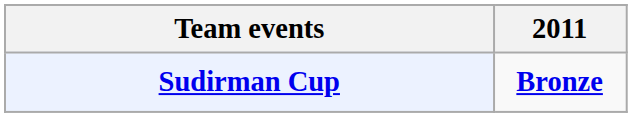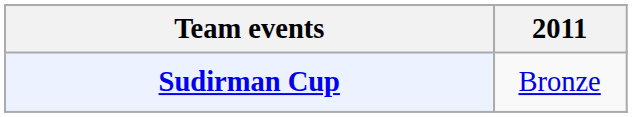 <table class="wikitable" style="font-size: 90%; text-align:center">
 <tr>
 <th>Team events</th>
 <th>2011</th>
 </tr>
 <tr style="height: 30px;">
 <td bgcolor=ECF2FF style="width: 240px;align=left"><strong><a href='#'>Sudirman Cup</a></strong></td>
-<td style="width: 60px"><strong> <a href='#'>Bronze</a></strong></td>
+<td style="width: 60px"> <a href='#'>Bronze</a></td>
 </tr>
 </table>
